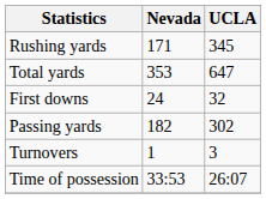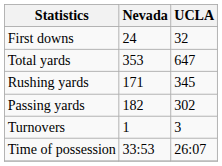 <table class="wikitable">
 <tr>
 <th>Statistics</th>
 <th>Nevada</th>
 <th>UCLA</th>
 </tr>
 <tr>
-<td>Rushing yards</td>
-<td>171</td>
-<td>345</td>
+<td>First downs</td>
+<td>24</td>
+<td>32</td>
 </tr>
 <tr>
 <td>Total yards</td>
 <td>353</td>
 <td>647</td>
 </tr>
 <tr>
-<td>First downs</td>
-<td>24</td>
-<td>32</td>
+<td>Rushing yards</td>
+<td>171</td>
+<td>345</td>
 </tr>
 <tr>
 <td>Passing yards</td>
 <td>182</td>
 <td>302</td>
 </tr>
 <tr>
 <td>Turnovers</td>
 <td>1</td>
 <td>3</td>
 </tr>
 <tr>
 <td>Time of possession</td>
 <td>33:53</td>
 <td>26:07</td>
 </tr>
 <tr>
 </tr>
 </table>
